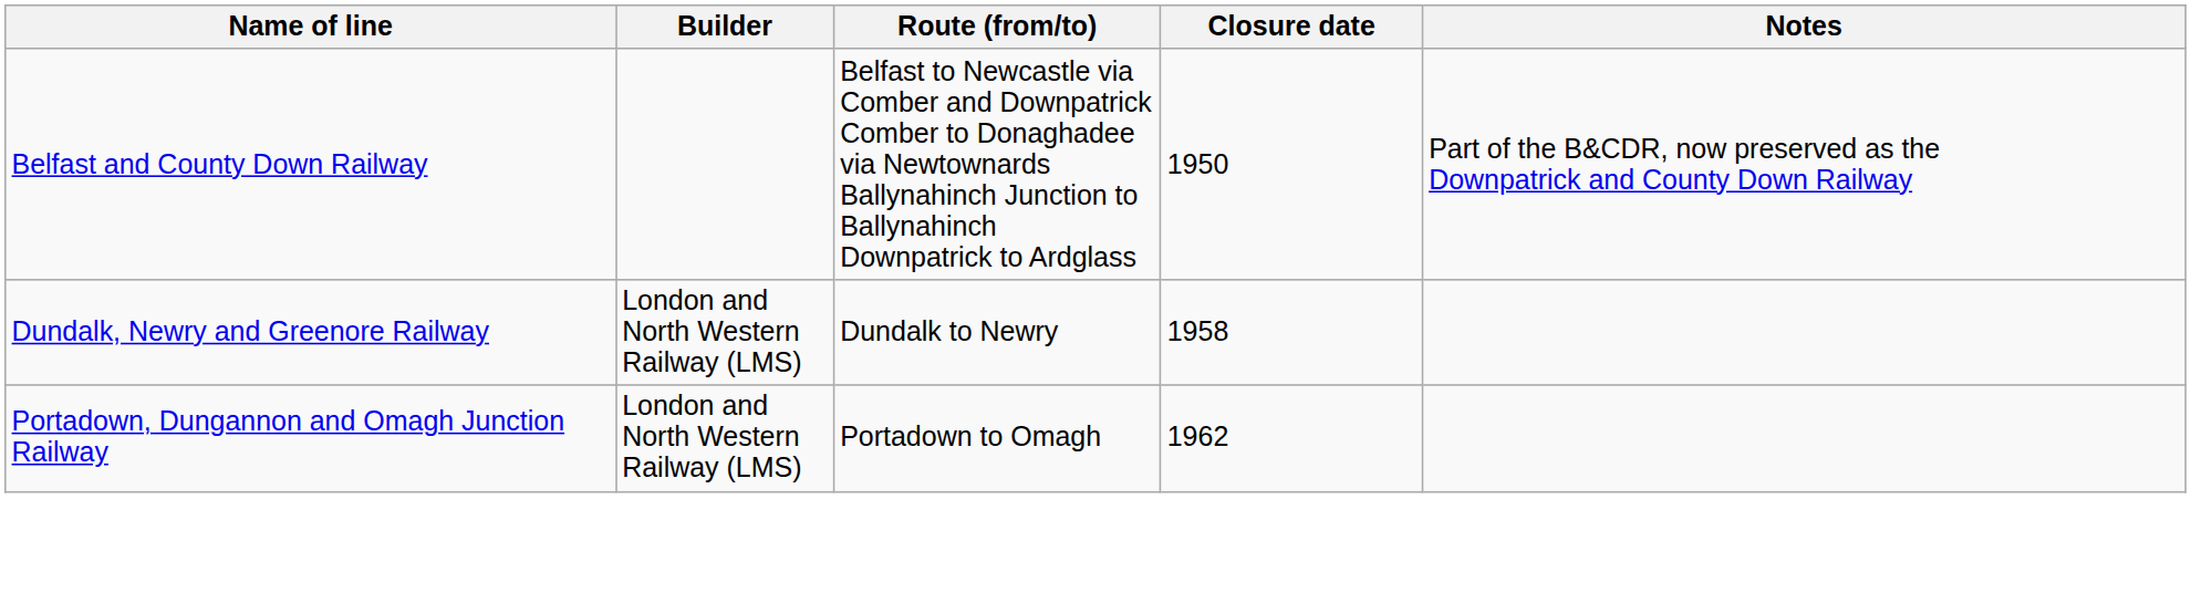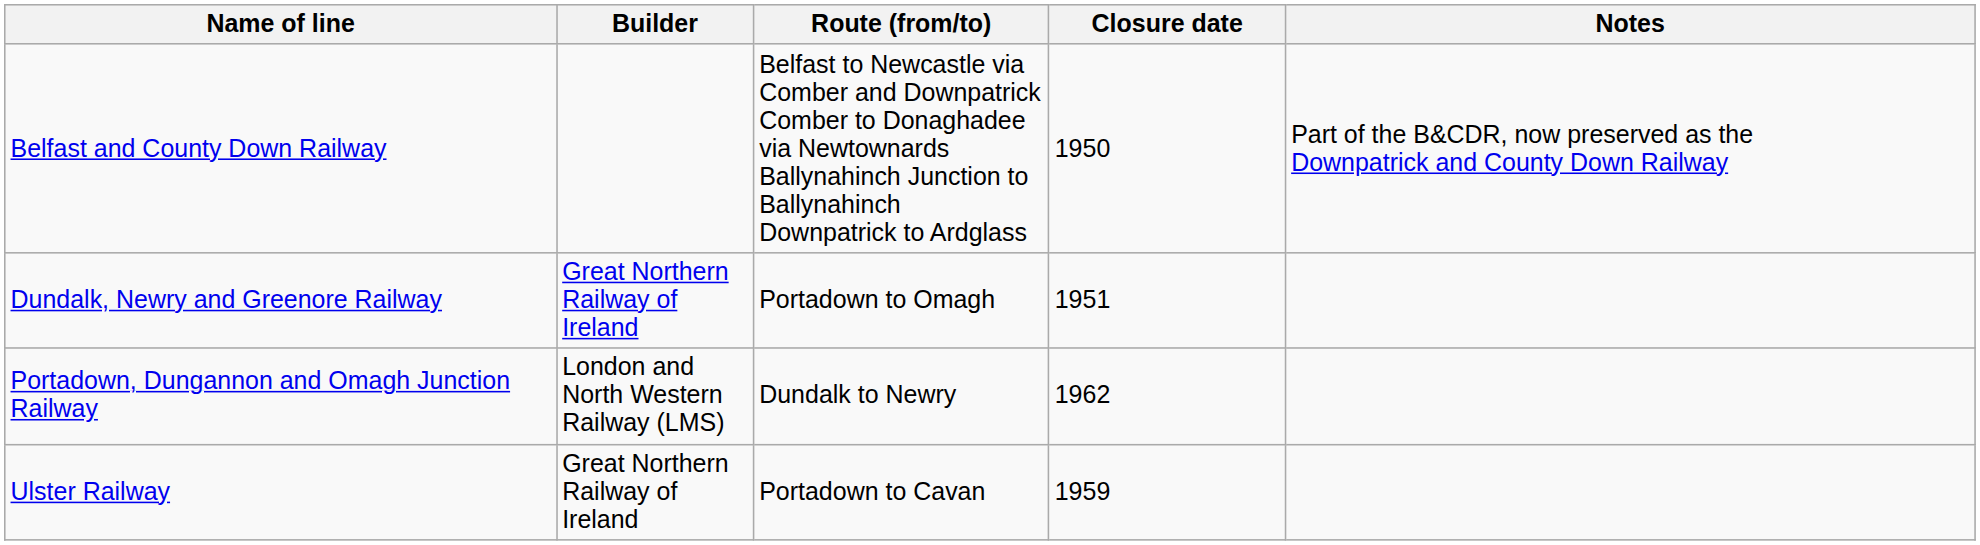 <table class="wikitable" width="100%">
 <tr>
 <th width="28%">Name of line</th>
 <th width="10%">Builder</th>
 <th width="15%">Route (from/to)</th>
 <th width="12%">Closure date</th>
 <th width="35%">Notes</th>
 </tr>
 <tr>
 <td><a href='#'>Belfast and County Down Railway</a></td>
 <td></td>
 <td>Belfast to Newcastle via Comber and Downpatrick<br>Comber to Donaghadee via Newtownards Ballynahinch Junction to Ballynahinch  Downpatrick to Ardglass</td>
 <td>1950</td>
 <td>Part of the B&CDR, now preserved as the<br><a href='#'>Downpatrick and County Down Railway</a></td>
 </tr>
 <tr>
 <td><a href='#'>Dundalk, Newry and Greenore Railway</a></td>
-<td>London and North Western Railway (LMS)</td>
-<td>Dundalk to Newry</td>
-<td>1958</td>
+<td><a href='#'>Great Northern Railway of Ireland</a></td>
+<td>Portadown to Omagh</td>
+<td>1951</td>
 <td></td>
 </tr>
 <tr>
 <td><a href='#'>Portadown, Dungannon and Omagh Junction Railway</a></td>
 <td>London and North Western Railway (LMS)</td>
-<td>Portadown to Omagh</td>
+<td>Dundalk to Newry</td>
 <td>1962</td>
 <td></td>
 </tr>
+<tr>
+<td><a href='#'>Ulster Railway</a></td>
+<td>Great Northern Railway of Ireland</td>
+<td>Portadown to Cavan</td>
+<td>1959</td>
+<td></td>
+</tr>
 </table>
